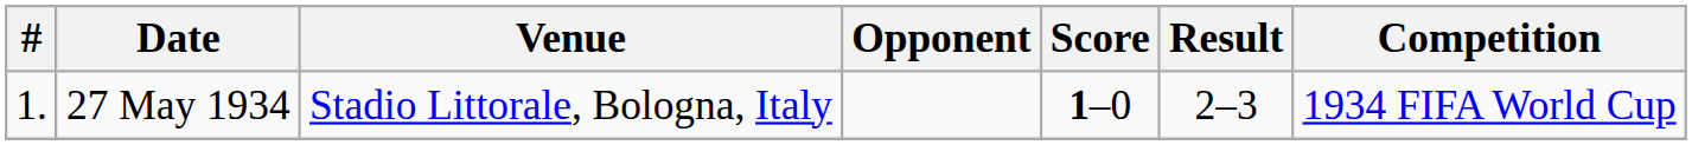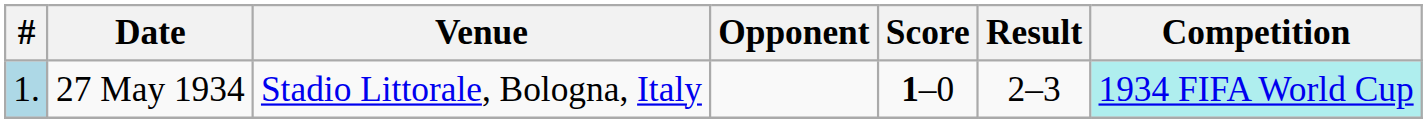 <table class="wikitable sortable" style="font-size:100%">
 <tr>
 <th>#</th>
 <th>Date</th>
 <th>Venue</th>
 <th>Opponent</th>
 <th>Score</th>
 <th>Result</th>
 <th>Competition</th>
 </tr>
 <tr>
-<td align=center>1.</td>
+<td align=center style="background: lightblue;">1.</td>
 <td>27 May 1934</td>
 <td><a href='#'>Stadio Littorale</a>, Bologna, <a href='#'>Italy</a></td>
 <td></td>
 <td align=center><strong>1</strong>–0</td>
 <td align=center>2–3</td>
-<td><a href='#'>1934 FIFA World Cup</a></td>
+<td style="background: paleturquoise;"><a href='#'>1934 FIFA World Cup</a></td>
 </tr>
 <tr>
 </tr>
 </table>
